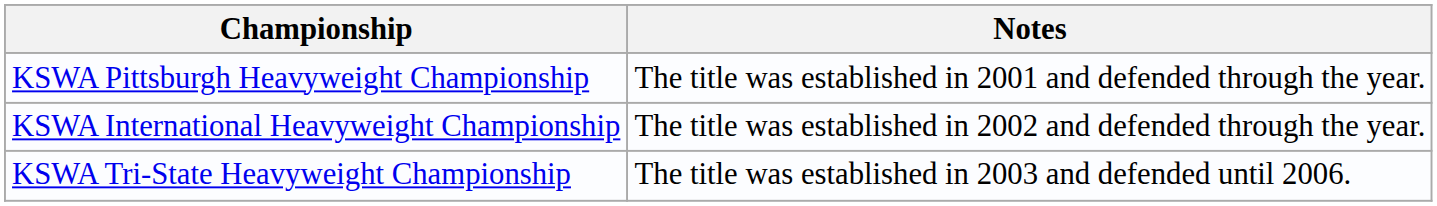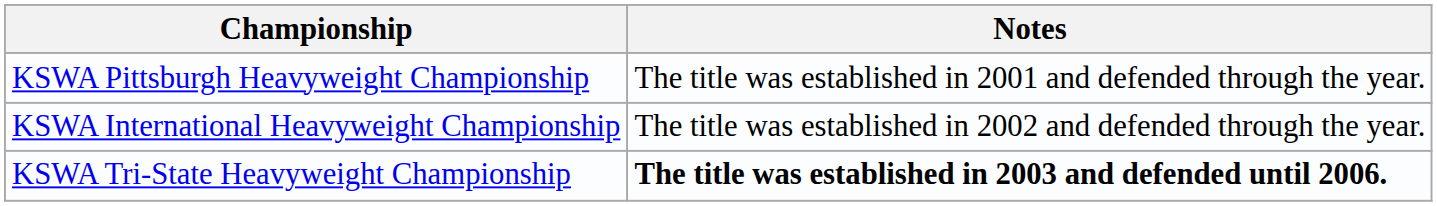 <table class="wikitable" style="background:#fcfdff;">
 <tr>
 <th>Championship</th>
 <th>Notes</th>
 </tr>
 <tr>
 <td><a href='#'>KSWA Pittsburgh Heavyweight Championship</a></td>
 <td>The title was established in 2001 and defended through the year.</td>
 </tr>
 <tr>
 <td><a href='#'>KSWA International Heavyweight Championship</a></td>
 <td>The title was established in 2002 and defended through the year.</td>
 </tr>
 <tr>
 <td><a href='#'>KSWA Tri-State Heavyweight Championship</a></td>
-<td>The title was established in 2003 and defended until 2006.</td>
+<td><strong>The title was established in 2003 and defended until 2006.</strong></td>
 </tr>
 </table>
